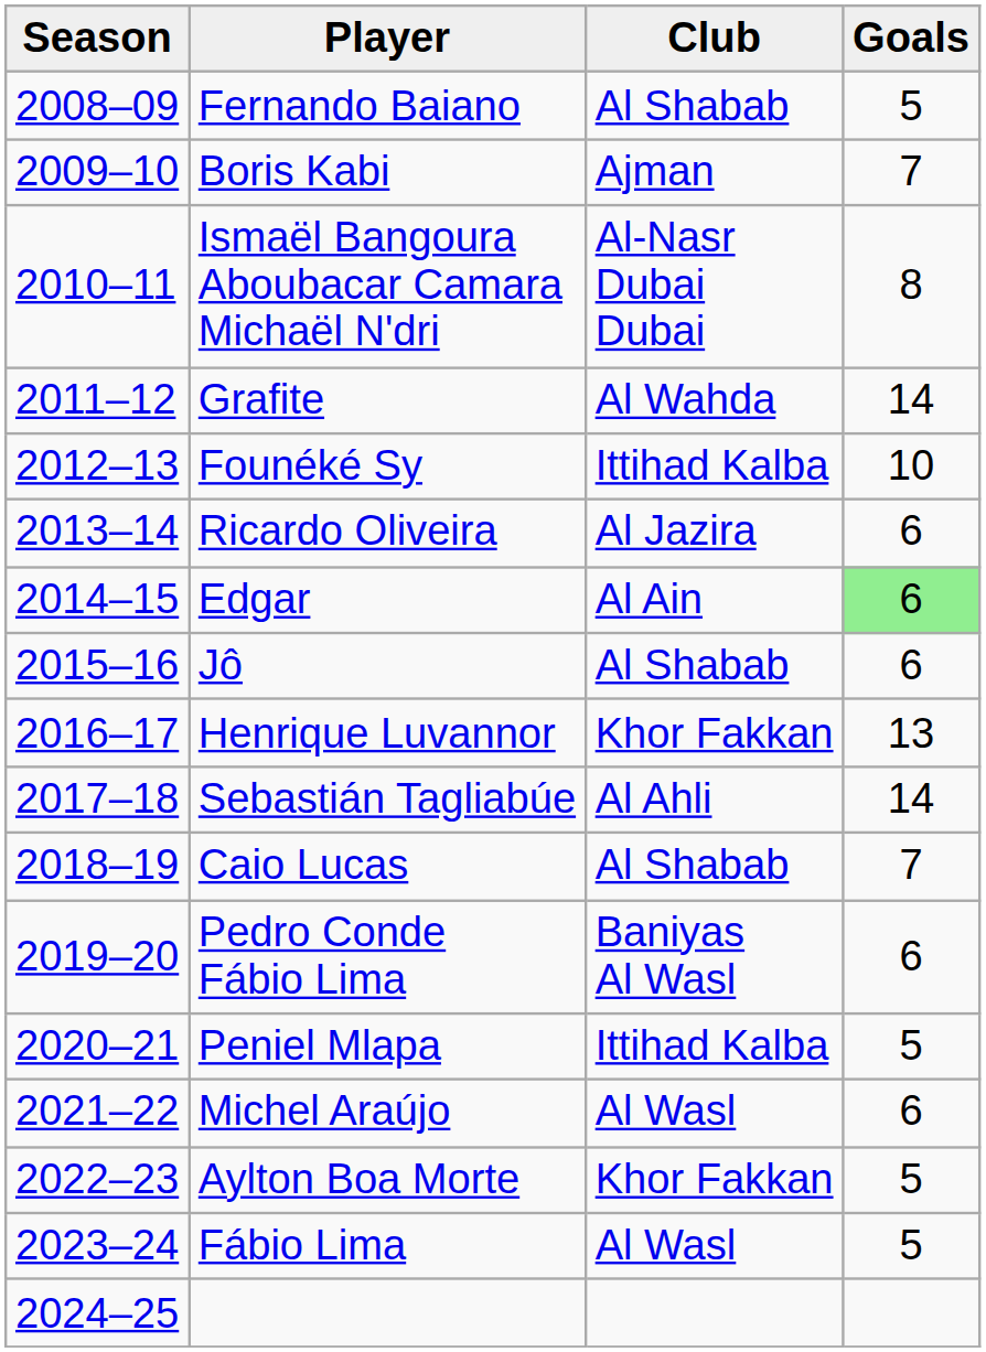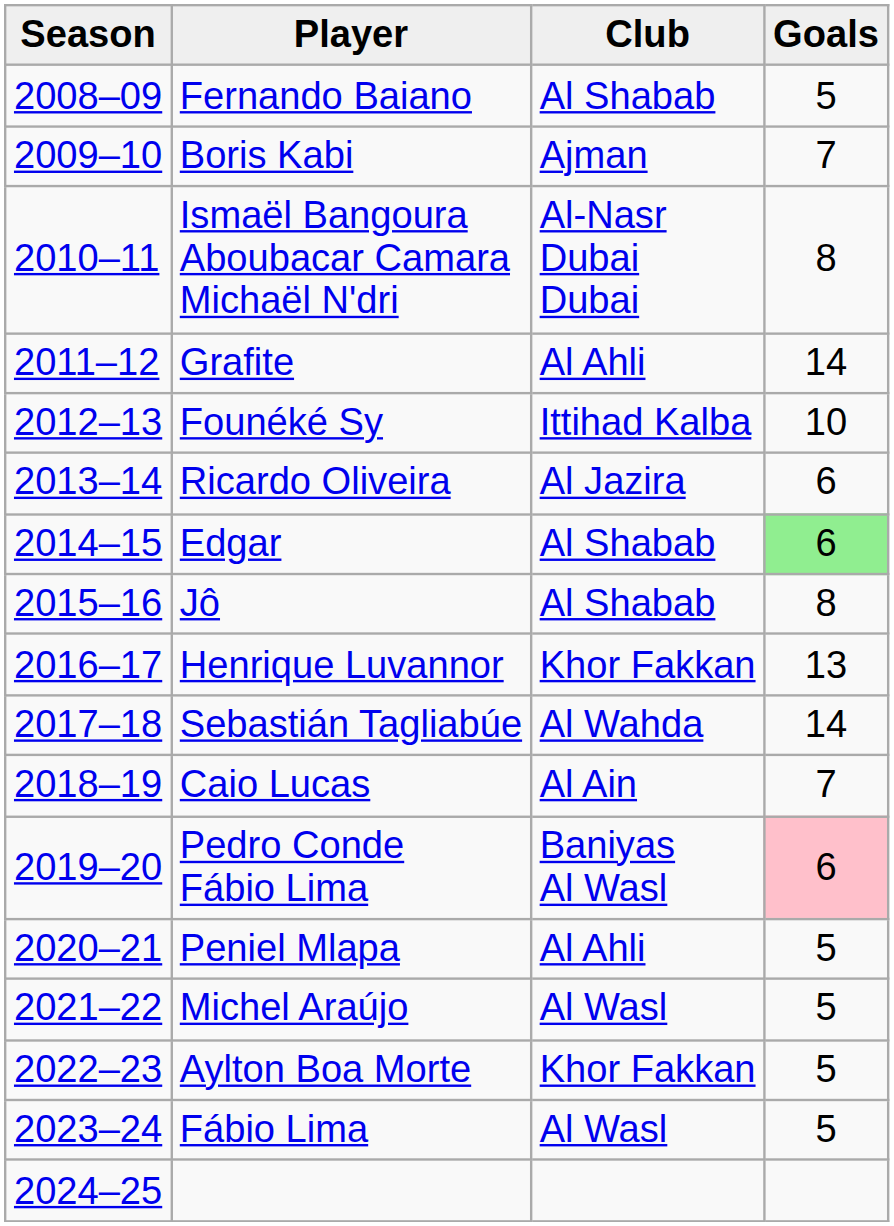 <table class="wikitable sortable">
 <tr>
 <th style="background:#efefef;">Season</th>
 <th style="background:#efefef;">Player</th>
 <th style="background:#efefef;">Club</th>
 <th style="background:#efefef;">Goals</th>
 </tr>
 <tr>
 <td><a href='#'>2008–09</a></td>
 <td>  <a href='#'>Fernando Baiano</a></td>
 <td><a href='#'>Al Shabab</a></td>
 <td style="text-align:center;">5</td>
 </tr>
 <tr>
 <td><a href='#'>2009–10</a></td>
 <td>  <a href='#'>Boris Kabi</a></td>
 <td><a href='#'>Ajman</a></td>
 <td style="text-align:center;">7</td>
 </tr>
 <tr>
 <td><a href='#'>2010–11</a></td>
 <td> <a href='#'>Ismaël Bangoura</a><br> <a href='#'>Aboubacar Camara</a><br> <a href='#'>Michaël N'dri</a></td>
 <td><a href='#'>Al-Nasr</a><br><a href='#'>Dubai</a><br><a href='#'>Dubai</a></td>
 <td style="text-align:center;">8</td>
 </tr>
 <tr>
 <td><a href='#'>2011–12</a></td>
 <td>  <a href='#'>Grafite</a></td>
-<td><a href='#'>Al Wahda</a></td>
+<td><a href='#'>Al Ahli</a></td>
 <td style="text-align:center;">14</td>
 </tr>
 <tr>
 <td><a href='#'>2012–13</a></td>
 <td>  <a href='#'>Founéké Sy</a></td>
 <td><a href='#'>Ittihad Kalba</a></td>
 <td style="text-align:center;">10</td>
 </tr>
 <tr>
 <td><a href='#'>2013–14</a></td>
 <td>  <a href='#'>Ricardo Oliveira</a></td>
 <td><a href='#'>Al Jazira</a></td>
 <td style="text-align:center;">6</td>
 </tr>
 <tr>
 <td><a href='#'>2014–15</a></td>
 <td>  <a href='#'>Edgar</a></td>
-<td><a href='#'>Al Ain</a></td>
+<td><a href='#'>Al Shabab</a></td>
 <td style="background: lightgreen; text-align:center;">6</td>
 </tr>
 <tr>
 <td><a href='#'>2015–16</a></td>
 <td>  <a href='#'>Jô</a></td>
 <td><a href='#'>Al Shabab</a></td>
-<td style="text-align:center;">6</td>
+<td style="text-align:center;">8</td>
 </tr>
 <tr>
 <td><a href='#'>2016–17</a></td>
 <td>  <a href='#'>Henrique Luvannor</a></td>
 <td><a href='#'>Khor Fakkan</a></td>
 <td style="text-align:center;">13</td>
 </tr>
 <tr>
 <td><a href='#'>2017–18</a></td>
 <td>  <a href='#'>Sebastián Tagliabúe</a></td>
-<td><a href='#'>Al Ahli</a></td>
+<td><a href='#'>Al Wahda</a></td>
 <td style="text-align:center;">14</td>
 </tr>
 <tr>
 <td><a href='#'>2018–19</a></td>
 <td>  <a href='#'>Caio Lucas</a></td>
-<td><a href='#'>Al Shabab</a></td>
+<td><a href='#'>Al Ain</a></td>
 <td style="text-align:center;">7</td>
 </tr>
 <tr>
 <td><a href='#'>2019–20</a></td>
 <td>  <a href='#'>Pedro Conde</a><br>  <a href='#'>Fábio Lima</a></td>
 <td><a href='#'>Baniyas</a><br><a href='#'>Al Wasl</a></td>
-<td style="text-align:center;">6</td>
+<td style="background: pink; text-align:center;">6</td>
 </tr>
 <tr>
 <td><a href='#'>2020–21</a></td>
 <td>  <a href='#'>Peniel Mlapa</a></td>
-<td><a href='#'>Ittihad Kalba</a></td>
+<td><a href='#'>Al Ahli</a></td>
 <td style="text-align:center;">5</td>
 </tr>
 <tr>
 <td><a href='#'>2021–22</a></td>
 <td>  <a href='#'>Michel Araújo</a></td>
 <td><a href='#'>Al Wasl</a></td>
-<td style="text-align:center;">6</td>
+<td style="text-align:center;">5</td>
 </tr>
 <tr>
 <td><a href='#'>2022–23</a></td>
 <td>  <a href='#'>Aylton Boa Morte</a></td>
 <td><a href='#'>Khor Fakkan</a></td>
 <td style="text-align:center;">5</td>
 </tr>
 <tr>
 <td><a href='#'>2023–24</a></td>
 <td><a href='#'>Fábio Lima</a></td>
 <td><a href='#'>Al Wasl</a></td>
 <td style="text-align:center;">5</td>
 </tr>
 <tr>
 <td><a href='#'>2024–25</a></td>
 <td></td>
 <td></td>
 <td></td>
 </tr>
 </table>
